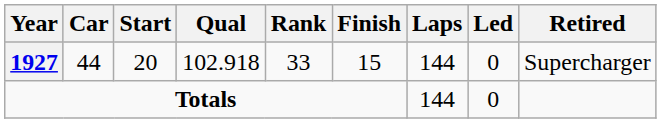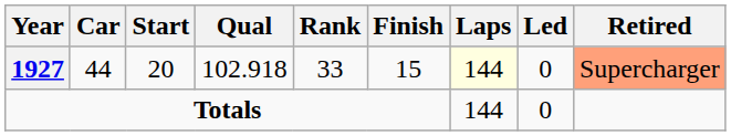 <table class="wikitable" style="text-align:center">
 <tr>
 <th>Year</th>
 <th>Car</th>
 <th>Start</th>
 <th>Qual</th>
 <th>Rank</th>
 <th>Finish</th>
 <th>Laps</th>
 <th>Led</th>
 <th>Retired</th>
 </tr>
 <tr>
 <th><a href='#'>1927</a></th>
 <td>44</td>
 <td>20</td>
 <td>102.918</td>
 <td>33</td>
 <td>15</td>
-<td>144</td>
+<td style="background: lightyellow;">144</td>
 <td>0</td>
-<td>Supercharger</td>
+<td style="background: lightsalmon;">Supercharger</td>
 </tr>
 <tr>
 <td colspan=6><strong>Totals</strong></td>
 <td>144</td>
 <td>0</td>
 <td></td>
 </tr>
 </table>
